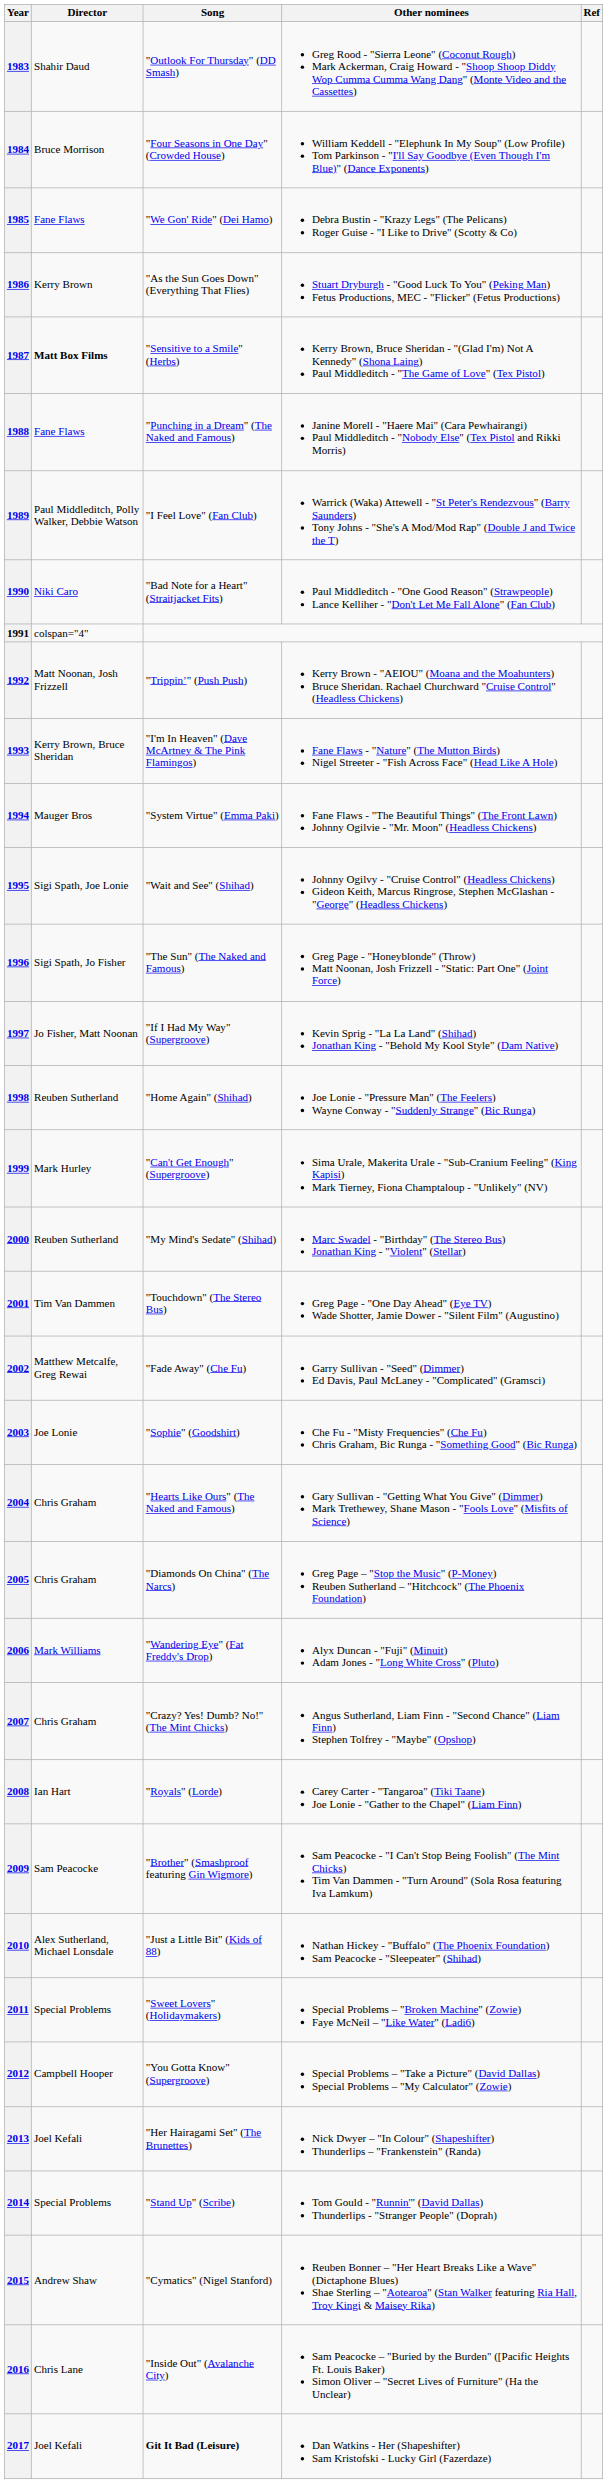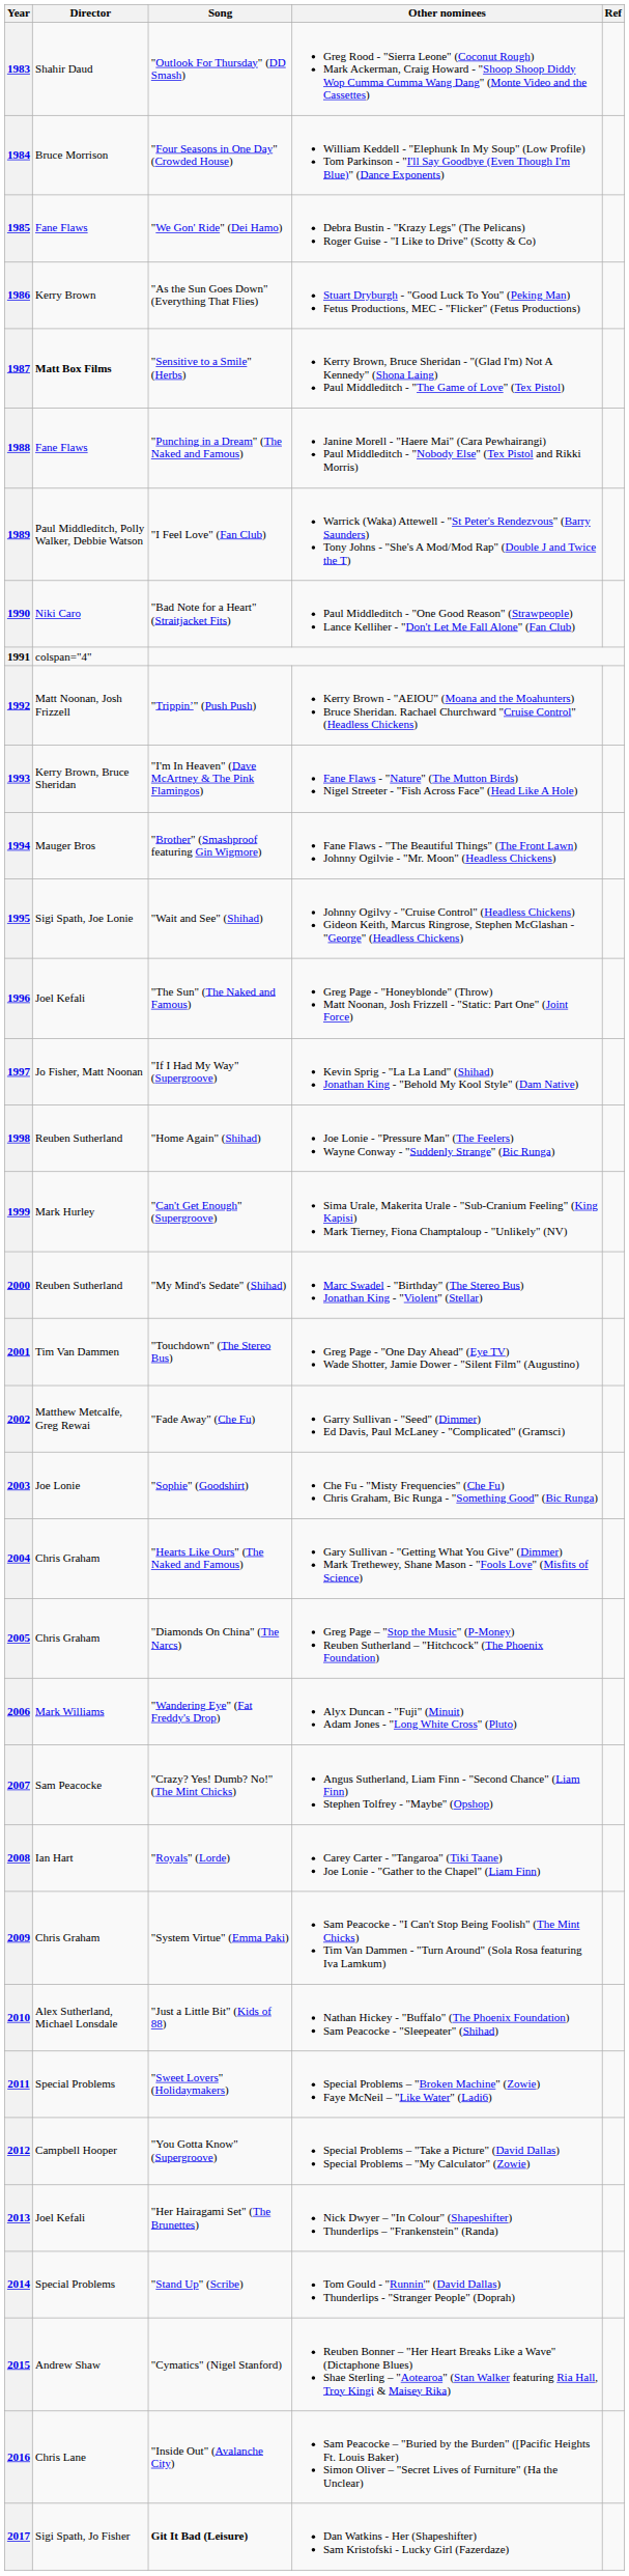 <table class="wikitable sortable">
 <tr>
 <th>Year</th>
 <th>Director</th>
 <th>Song</th>
 <th width="50%">Other nominees</th>
 <th>Ref</th>
 </tr>
 <tr>
 <th><a href='#'>1983</a></th>
 <td>Shahir Daud</td>
 <td>"<a href='#'>Outlook For Thursday</a>" (<a href='#'>DD Smash</a>)</td>
 <td><br><ul><li>Greg Rood - "Sierra Leone" (<a href='#'>Coconut Rough</a>)</li><li>Mark Ackerman, Craig Howard - "<a href='#'>Shoop Shoop Diddy Wop Cumma Cumma Wang Dang</a>" (<a href='#'>Monte Video and the Cassettes</a>)</li></ul></td>
 <td></td>
 </tr>
 <tr>
 <th><a href='#'>1984</a></th>
 <td>Bruce Morrison</td>
 <td>"<a href='#'>Four Seasons in One Day</a>" (<a href='#'>Crowded House</a>)</td>
 <td><br><ul><li>William Keddell - "Elephunk In My Soup" (Low Profile)</li><li>Tom Parkinson - "<a href='#'>I'll Say Goodbye (Even Though I'm Blue)</a>" (<a href='#'>Dance Exponents</a>)</li></ul></td>
 <td></td>
 </tr>
 <tr>
 <th><a href='#'>1985</a></th>
 <td><a href='#'>Fane Flaws</a></td>
 <td>"<a href='#'>We Gon' Ride</a>" (<a href='#'>Dei Hamo</a>)</td>
 <td><br><ul><li>Debra Bustin - "Krazy Legs" (The Pelicans)</li><li>Roger Guise - "I Like to Drive" (Scotty & Co)</li></ul></td>
 <td></td>
 </tr>
 <tr>
 <th><a href='#'>1986</a></th>
 <td>Kerry Brown</td>
 <td>"As the Sun Goes Down" (Everything That Flies)</td>
 <td><br><ul><li><a href='#'>Stuart Dryburgh</a> - "Good Luck To You" (<a href='#'>Peking Man</a>)</li><li>Fetus Productions, MEC - "Flicker" (Fetus Productions)</li></ul></td>
 <td></td>
 </tr>
 <tr>
 <th><a href='#'>1987</a></th>
 <td><strong>Matt Box Films</strong></td>
 <td>"<a href='#'>Sensitive to a Smile</a>" (<a href='#'>Herbs</a>)</td>
 <td><br><ul><li>Kerry Brown, Bruce Sheridan - "(Glad I'm) Not A Kennedy" (<a href='#'>Shona Laing</a>)</li><li>Paul Middleditch - "<a href='#'>The Game of Love</a>" (<a href='#'>Tex Pistol</a>)</li></ul></td>
 <td></td>
 </tr>
 <tr>
 <th><a href='#'>1988</a></th>
 <td><a href='#'>Fane Flaws</a></td>
 <td>"<a href='#'>Punching in a Dream</a>" (<a href='#'>The Naked and Famous</a>)</td>
 <td><br><ul><li>Janine Morell - "Haere Mai" (Cara Pewhairangi)</li><li>Paul Middleditch - "<a href='#'>Nobody Else</a>" (<a href='#'>Tex Pistol</a> and Rikki Morris)</li></ul></td>
 <td></td>
 </tr>
 <tr>
 <th><a href='#'>1989</a></th>
 <td>Paul Middleditch, Polly Walker, Debbie Watson</td>
 <td>"I Feel Love" (<a href='#'>Fan Club</a>)</td>
 <td><br><ul><li>Warrick (Waka) Attewell - "<a href='#'>St Peter's Rendezvous</a>" (<a href='#'>Barry Saunders</a>)</li><li>Tony Johns - "She's A Mod/Mod Rap" (<a href='#'>Double J and Twice the T</a>)</li></ul></td>
 <td></td>
 </tr>
 <tr>
 <th><a href='#'>1990</a></th>
 <td><a href='#'>Niki Caro</a></td>
 <td>"Bad Note for a Heart" (<a href='#'>Straitjacket Fits</a>)</td>
 <td><br><ul><li>Paul Middleditch - "One Good Reason" (<a href='#'>Strawpeople</a>)</li><li>Lance Kelliher - "<a href='#'>Don't Let Me Fall Alone</a>" (<a href='#'>Fan Club</a>)</li></ul></td>
 <td></td>
 </tr>
 <tr>
 <th>1991</th>
 <td>colspan="4" </td>
 </tr>
 <tr>
 <th><a href='#'>1992</a></th>
 <td>Matt Noonan, Josh Frizzell</td>
 <td>"<a href='#'>Trippin’</a>" (<a href='#'>Push Push</a>)</td>
 <td><br><ul><li>Kerry Brown - "AEIOU" (<a href='#'>Moana and the Moahunters</a>)</li><li>Bruce Sheridan. Rachael Churchward "<a href='#'>Cruise Control</a>" (<a href='#'>Headless Chickens</a>)</li></ul></td>
 <td></td>
 </tr>
 <tr>
 <th><a href='#'>1993</a></th>
 <td>Kerry Brown, Bruce Sheridan</td>
 <td>"I'm In Heaven" (<a href='#'>Dave McArtney & The Pink Flamingos</a>)</td>
 <td><br><ul><li><a href='#'>Fane Flaws</a> - "<a href='#'>Nature</a>" (<a href='#'>The Mutton Birds</a>)</li><li>Nigel Streeter - "Fish Across Face" (<a href='#'>Head Like A Hole</a>)</li></ul></td>
 <td></td>
 </tr>
 <tr>
 <th><a href='#'>1994</a></th>
 <td>Mauger Bros</td>
-<td>"System Virtue" (<a href='#'>Emma Paki</a>)</td>
+<td>"<a href='#'>Brother</a>" (<a href='#'>Smashproof</a> featuring <a href='#'>Gin Wigmore</a>)</td>
 <td><br><ul><li>Fane Flaws - "The Beautiful Things" (<a href='#'>The Front Lawn</a>)</li><li>Johnny Ogilvie - "Mr. Moon" (<a href='#'>Headless Chickens</a>)</li></ul></td>
 <td></td>
 </tr>
 <tr>
 <th><a href='#'>1995</a></th>
 <td>Sigi Spath, Joe Lonie</td>
 <td>"Wait and See" (<a href='#'>Shihad</a>)</td>
 <td><br><ul><li>Johnny Ogilvy - "Cruise Control" (<a href='#'>Headless Chickens</a>)</li><li>Gideon Keith, Marcus Ringrose, Stephen McGlashan - "<a href='#'>George</a>" (<a href='#'>Headless Chickens</a>)</li></ul></td>
 <td></td>
 </tr>
 <tr>
 <th><a href='#'>1996</a></th>
-<td>Sigi Spath, Jo Fisher</td>
+<td>Joel Kefali</td>
 <td>"The Sun" (<a href='#'>The Naked and Famous</a>)</td>
 <td><br><ul><li>Greg Page - "Honeyblonde" (Throw)</li><li>Matt Noonan, Josh Frizzell - "Static: Part One" (<a href='#'>Joint Force</a>)</li></ul></td>
 <td></td>
 </tr>
 <tr>
 <th><a href='#'>1997</a></th>
 <td>Jo Fisher, Matt Noonan</td>
 <td>"If I Had My Way" (<a href='#'>Supergroove</a>)</td>
 <td><br><ul><li>Kevin Sprig - "La La Land" (<a href='#'>Shihad</a>)</li><li><a href='#'>Jonathan King</a> - "Behold My Kool Style" (<a href='#'>Dam Native</a>)</li></ul></td>
 <td></td>
 </tr>
 <tr>
 <th><a href='#'>1998</a></th>
 <td>Reuben Sutherland</td>
 <td>"Home Again" (<a href='#'>Shihad</a>)</td>
 <td><br><ul><li>Joe Lonie - "Pressure Man" (<a href='#'>The Feelers</a>)</li><li>Wayne Conway - "<a href='#'>Suddenly Strange</a>" (<a href='#'>Bic Runga</a>)</li></ul></td>
 <td></td>
 </tr>
 <tr>
 <th><a href='#'>1999</a></th>
 <td>Mark Hurley</td>
 <td>"<a href='#'>Can't Get Enough</a>" (<a href='#'>Supergroove</a>)</td>
 <td><br><ul><li>Sima Urale, Makerita Urale - "Sub-Cranium Feeling" (<a href='#'>King Kapisi</a>)</li><li>Mark Tierney, Fiona Champtaloup - "Unlikely" (NV)</li></ul></td>
 <td></td>
 </tr>
 <tr>
 <th><a href='#'>2000</a></th>
 <td>Reuben Sutherland</td>
 <td>"My Mind's Sedate" (<a href='#'>Shihad</a>)</td>
 <td><br><ul><li><a href='#'>Marc Swadel</a> - "Birthday" (<a href='#'>The Stereo Bus</a>)</li><li><a href='#'>Jonathan King</a> - "<a href='#'>Violent</a>" (<a href='#'>Stellar</a>)</li></ul></td>
 <td></td>
 </tr>
 <tr>
 <th><a href='#'>2001</a></th>
 <td>Tim Van Dammen</td>
 <td>"Touchdown" (<a href='#'>The Stereo Bus</a>)</td>
 <td><br><ul><li>Greg Page - "One Day Ahead" (<a href='#'>Eye TV</a>)</li><li>Wade Shotter, Jamie Dower - "Silent Film" (Augustino)</li></ul></td>
 <td></td>
 </tr>
 <tr>
 <th><a href='#'>2002</a></th>
 <td>Matthew Metcalfe, Greg Rewai</td>
 <td>"Fade Away" (<a href='#'>Che Fu</a>)</td>
 <td><br><ul><li>Garry Sullivan - "Seed" (<a href='#'>Dimmer</a>)</li><li>Ed Davis, Paul McLaney - "Complicated" (Gramsci)</li></ul></td>
 <td></td>
 </tr>
 <tr>
 <th><a href='#'>2003</a></th>
 <td>Joe Lonie</td>
 <td>"<a href='#'>Sophie</a>" (<a href='#'>Goodshirt</a>)</td>
 <td><br><ul><li>Che Fu - "Misty Frequencies" (<a href='#'>Che Fu</a>)</li><li>Chris Graham, Bic Runga - "<a href='#'>Something Good</a>" (<a href='#'>Bic Runga</a>)</li></ul></td>
 <td></td>
 </tr>
 <tr>
 <th><a href='#'>2004</a></th>
 <td>Chris Graham</td>
 <td>"<a href='#'>Hearts Like Ours</a>" (<a href='#'>The Naked and Famous</a>)</td>
 <td><br><ul><li>Gary Sullivan - "Getting What You Give" (<a href='#'>Dimmer</a>)</li><li>Mark Trethewey, Shane Mason - "<a href='#'>Fools Love</a>" (<a href='#'>Misfits of Science</a>)</li></ul></td>
 <td></td>
 </tr>
 <tr>
 <th><a href='#'>2005</a></th>
 <td>Chris Graham</td>
 <td>"Diamonds On China" (<a href='#'>The Narcs</a>)</td>
 <td><br><ul><li>Greg Page – "<a href='#'>Stop the Music</a>" (<a href='#'>P-Money</a>)</li><li>Reuben Sutherland – "Hitchcock" (<a href='#'>The Phoenix Foundation</a>)</li></ul></td>
 <td></td>
 </tr>
 <tr>
 <th><a href='#'>2006</a></th>
 <td><a href='#'>Mark Williams</a></td>
 <td>"<a href='#'>Wandering Eye</a>" (<a href='#'>Fat Freddy's Drop</a>)</td>
 <td><br><ul><li>Alyx Duncan - "Fuji" (<a href='#'>Minuit</a>)</li><li>Adam Jones - "<a href='#'>Long White Cross</a>" (<a href='#'>Pluto</a>)</li></ul></td>
 <td></td>
 </tr>
 <tr>
 <th><a href='#'>2007</a></th>
-<td>Chris Graham</td>
+<td>Sam Peacocke</td>
 <td>"Crazy? Yes! Dumb? No!" (<a href='#'>The Mint Chicks</a>)</td>
 <td><br><ul><li>Angus Sutherland, Liam Finn - "Second Chance" (<a href='#'>Liam Finn</a>)</li><li>Stephen Tolfrey - "Maybe" (<a href='#'>Opshop</a>)</li></ul></td>
 <td></td>
 </tr>
 <tr>
 <th><a href='#'>2008</a></th>
 <td>Ian Hart</td>
 <td>"<a href='#'>Royals</a>" (<a href='#'>Lorde</a>)</td>
 <td><br><ul><li>Carey Carter - "Tangaroa" (<a href='#'>Tiki Taane</a>)</li><li>Joe Lonie - "Gather to the Chapel" (<a href='#'>Liam Finn</a>)</li></ul></td>
 <td></td>
 </tr>
 <tr>
 <th><a href='#'>2009</a></th>
-<td>Sam Peacocke</td>
-<td>"<a href='#'>Brother</a>" (<a href='#'>Smashproof</a> featuring <a href='#'>Gin Wigmore</a>)</td>
+<td>Chris Graham</td>
+<td>"System Virtue" (<a href='#'>Emma Paki</a>)</td>
 <td><br><ul><li>Sam Peacocke - "I Can't Stop Being Foolish" (<a href='#'>The Mint Chicks</a>)</li><li>Tim Van Dammen - "Turn Around" (Sola Rosa featuring Iva Lamkum)</li></ul></td>
 <td></td>
 </tr>
 <tr>
 <th><a href='#'>2010</a></th>
 <td>Alex Sutherland, Michael Lonsdale</td>
 <td>"Just a Little Bit" (<a href='#'>Kids of 88</a>)</td>
 <td><br><ul><li>Nathan Hickey - "Buffalo" (<a href='#'>The Phoenix Foundation</a>)</li><li>Sam Peacocke - "Sleepeater" (<a href='#'>Shihad</a>)</li></ul></td>
 <td></td>
 </tr>
 <tr>
 <th><a href='#'>2011</a></th>
 <td>Special Problems</td>
 <td>"<a href='#'>Sweet Lovers</a>" (<a href='#'>Holidaymakers</a>)</td>
 <td><br><ul><li>Special Problems – "<a href='#'>Broken Machine</a>" (<a href='#'>Zowie</a>)</li><li>Faye McNeil – "<a href='#'>Like Water</a>" (<a href='#'>Ladi6</a>)</li></ul></td>
 <td></td>
 </tr>
 <tr>
 <th><a href='#'>2012</a></th>
 <td>Campbell Hooper</td>
 <td>"You Gotta Know" (<a href='#'>Supergroove</a>)</td>
 <td><br><ul><li>Special Problems – "Take a Picture" (<a href='#'>David Dallas</a>)</li><li>Special Problems – "My Calculator" (<a href='#'>Zowie</a>)</li></ul></td>
 <td></td>
 </tr>
 <tr>
 <th><a href='#'>2013</a></th>
 <td>Joel Kefali</td>
 <td>"Her Hairagami Set" (<a href='#'>The Brunettes</a>)</td>
 <td><br><ul><li>Nick Dwyer – "In Colour" (<a href='#'>Shapeshifter</a>)</li><li>Thunderlips – "Frankenstein" (Randa)</li></ul></td>
 <td></td>
 </tr>
 <tr>
 <th><a href='#'>2014</a></th>
 <td>Special Problems</td>
 <td>"<a href='#'>Stand Up</a>" (<a href='#'>Scribe</a>)</td>
 <td><br><ul><li>Tom Gould - "<a href='#'>Runnin'</a>" (<a href='#'>David Dallas</a>)</li><li>Thunderlips - "Stranger People" (Doprah)</li></ul></td>
 <td></td>
 </tr>
 <tr>
 <th scope="row"><a href='#'>2015</a></th>
 <td>Andrew Shaw</td>
 <td>"Cymatics" (Nigel Stanford)</td>
 <td><br><ul><li>Reuben Bonner – "Her Heart Breaks Like a Wave" (Dictaphone Blues)</li><li>Shae Sterling – "<a href='#'>Aotearoa</a>" (<a href='#'>Stan Walker</a> featuring <a href='#'>Ria Hall</a>, <a href='#'>Troy Kingi</a> & <a href='#'>Maisey Rika</a>)</li></ul></td>
 <td align="center"></td>
 </tr>
 <tr>
 <th scope="row"><a href='#'>2016</a></th>
 <td>Chris Lane</td>
 <td>"Inside Out" (<a href='#'>Avalanche City</a>)</td>
 <td><br><ul><li>Sam Peacocke – "Buried by the Burden" ([Pacific Heights Ft. Louis Baker)</li><li>Simon Oliver – "Secret Lives of Furniture" (Ha the Unclear)</li></ul></td>
 <td align="center"></td>
 </tr>
 <tr>
 <th><a href='#'>2017</a></th>
-<td>Joel Kefali</td>
+<td>Sigi Spath, Jo Fisher</td>
 <td><strong>Git It Bad (Leisure)</strong></td>
 <td><br><ul><li>Dan Watkins - Her (Shapeshifter)</li><li>Sam Kristofski - Lucky Girl (Fazerdaze)</li></ul></td>
 <td></td>
 </tr>
 </table>
